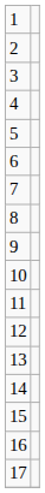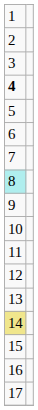 <table class="wikitable">
 <tr>
 <td>1</td>
 <td></td>
 </tr>
 <tr>
 <td>2</td>
 <td></td>
 </tr>
 <tr>
 <td>3</td>
 <td></td>
 </tr>
 <tr>
-<td>4</td>
+<td><strong>4</strong></td>
 <td></td>
 </tr>
 <tr>
 <td>5</td>
 <td></td>
 </tr>
 <tr>
 <td>6</td>
 <td></td>
 </tr>
 <tr>
 <td>7</td>
 <td></td>
 </tr>
 <tr>
-<td>8</td>
+<td style="background: paleturquoise;">8</td>
 <td></td>
 </tr>
 <tr>
 <td>9</td>
 <td></td>
 </tr>
 <tr>
 <td>10</td>
 <td></td>
 </tr>
 <tr>
 <td>11</td>
 <td></td>
 </tr>
 <tr>
 <td>12</td>
 <td></td>
 </tr>
 <tr>
 <td>13</td>
 <td></td>
 </tr>
 <tr>
-<td>14</td>
+<td style="background: khaki;">14</td>
 <td></td>
 </tr>
 <tr>
 <td>15</td>
 <td></td>
 </tr>
 <tr>
 <td>16</td>
 <td></td>
 </tr>
 <tr>
 <td>17</td>
 <td></td>
 </tr>
 <tr>
 </tr>
 </table>
